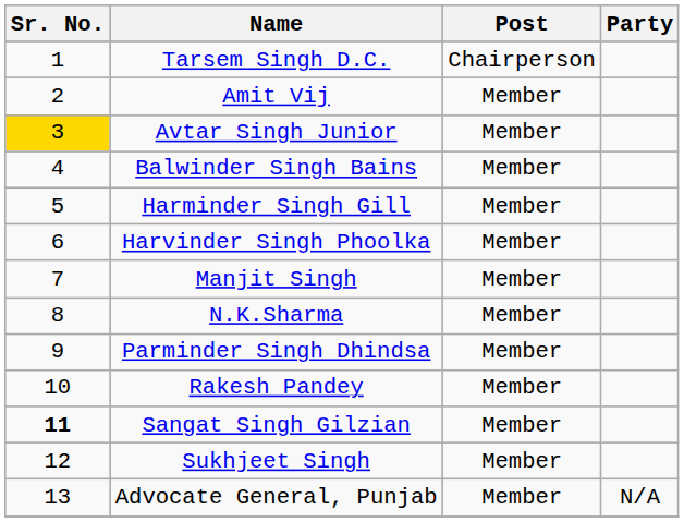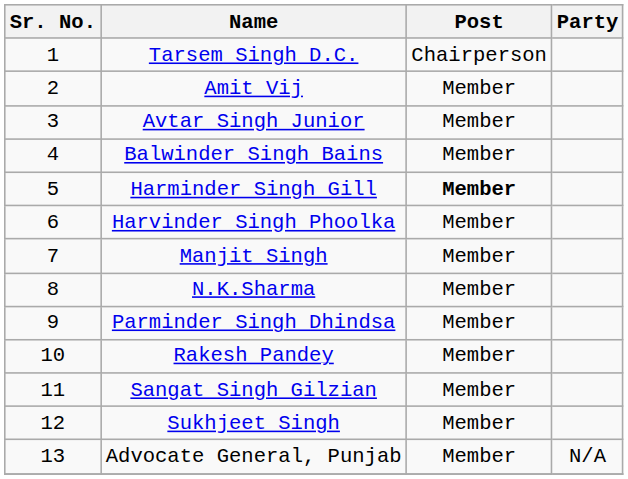 <table class="wikitable sortable">
 <tr>
 <th>Sr. No.</th>
 <th>Name</th>
 <th>Post</th>
 <th colspan="2">Party</th>
 </tr>
 <tr align="center">
 <td>1</td>
 <td><a href='#'>Tarsem Singh D.C.</a></td>
 <td>Chairperson</td>
 <td></td>
 </tr>
 <tr align="center">
 <td>2</td>
 <td><a href='#'>Amit Vij</a></td>
 <td>Member</td>
 <td></td>
 </tr>
 <tr align="center">
-<td style="background: gold;">3</td>
+<td>3</td>
 <td><a href='#'>Avtar Singh Junior</a></td>
 <td>Member</td>
 <td></td>
 </tr>
 <tr align="center">
 <td>4</td>
 <td><a href='#'>Balwinder Singh Bains</a></td>
 <td>Member</td>
 <td></td>
 </tr>
 <tr align="center">
 <td>5</td>
 <td><a href='#'>Harminder Singh Gill</a></td>
-<td>Member</td>
+<td><strong>Member</strong></td>
 <td></td>
 </tr>
 <tr align="center">
 <td>6</td>
 <td><a href='#'>Harvinder Singh Phoolka</a></td>
 <td>Member</td>
 <td></td>
 </tr>
 <tr align="center">
 <td>7</td>
 <td><a href='#'>Manjit Singh</a></td>
 <td>Member</td>
 <td></td>
 </tr>
 <tr align="center">
 <td>8</td>
 <td><a href='#'>N.K.Sharma</a></td>
 <td>Member</td>
 <td></td>
 </tr>
 <tr align="center">
 <td>9</td>
 <td><a href='#'>Parminder Singh Dhindsa</a></td>
 <td>Member</td>
 <td></td>
 </tr>
 <tr align="center">
 <td>10</td>
 <td><a href='#'>Rakesh Pandey</a></td>
 <td>Member</td>
 <td></td>
 </tr>
 <tr align="center">
-<td><strong>11</strong></td>
+<td>11</td>
 <td><a href='#'>Sangat Singh Gilzian</a></td>
 <td>Member</td>
 <td></td>
 </tr>
 <tr align="center">
 <td>12</td>
 <td><a href='#'>Sukhjeet Singh</a></td>
 <td>Member</td>
 <td></td>
 </tr>
 <tr align="center">
 <td>13</td>
 <td>Advocate General, Punjab</td>
 <td>Member</td>
 <td colspan=2>N/A</td>
 </tr>
 <tr align="center">
 </tr>
 </table>
